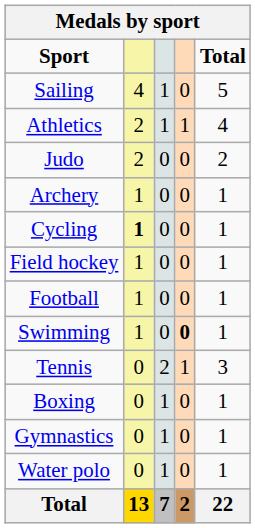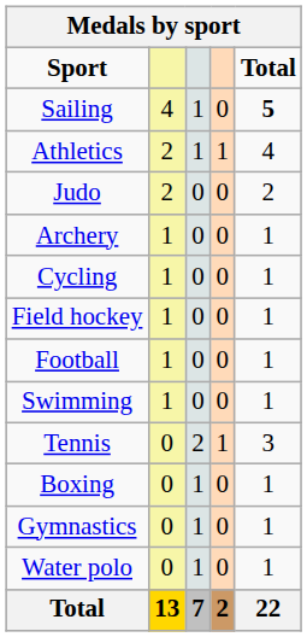 <table class="wikitable" style="font-size:85%; float:right;">
 <tr style="background:#efefef;">
 <th colspan=7>Medals by sport</th>
 </tr>
 <tr align=center>
 <td><strong>Sport</strong></td>
 <td style="background:#f7f6a8;"></td>
 <td style="background:#dce5e5;"></td>
 <td style="background:#ffdab9;"></td>
 <td><strong>Total</strong></td>
 </tr>
 <tr align=center>
 <td><a href='#'>Sailing</a></td>
 <td style="background:#f7f6a8;">4</td>
 <td style="background:#dce5e5;">1</td>
 <td style="background:#ffdab9;">0</td>
-<td>5</td>
+<td><strong>5</strong></td>
 </tr>
 <tr align=center>
 <td><a href='#'>Athletics</a></td>
 <td style="background:#f7f6a8;">2</td>
 <td style="background:#dce5e5;">1</td>
 <td style="background:#ffdab9;">1</td>
 <td>4</td>
 </tr>
 <tr align=center>
 <td><a href='#'>Judo</a></td>
 <td style="background:#f7f6a8;">2</td>
 <td style="background:#dce5e5;">0</td>
 <td style="background:#ffdab9;">0</td>
 <td>2</td>
 </tr>
 <tr align=center>
 <td><a href='#'>Archery</a></td>
 <td style="background:#f7f6a8;">1</td>
 <td style="background:#dce5e5;">0</td>
 <td style="background:#ffdab9;">0</td>
 <td>1</td>
 </tr>
 <tr align=center>
 <td><a href='#'>Cycling</a></td>
-<td style="background:#f7f6a8;"><strong>1</strong></td>
+<td style="background:#f7f6a8;">1</td>
 <td style="background:#dce5e5;">0</td>
 <td style="background:#ffdab9;">0</td>
 <td>1</td>
 </tr>
 <tr align=center>
 <td><a href='#'>Field hockey</a></td>
 <td style="background:#f7f6a8;">1</td>
 <td style="background:#dce5e5;">0</td>
 <td style="background:#ffdab9;">0</td>
 <td>1</td>
 </tr>
 <tr align=center>
 <td><a href='#'>Football</a></td>
 <td style="background:#f7f6a8;">1</td>
 <td style="background:#dce5e5;">0</td>
 <td style="background:#ffdab9;">0</td>
 <td>1</td>
 </tr>
 <tr align=center>
 <td><a href='#'>Swimming</a></td>
 <td style="background:#f7f6a8;">1</td>
 <td style="background:#dce5e5;">0</td>
-<td style="background:#ffdab9;"><strong>0</strong></td>
+<td style="background:#ffdab9;">0</td>
 <td>1</td>
 </tr>
 <tr align=center>
 <td><a href='#'>Tennis</a></td>
 <td style="background:#f7f6a8;">0</td>
 <td style="background:#dce5e5;">2</td>
 <td style="background:#ffdab9;">1</td>
 <td>3</td>
 </tr>
 <tr align=center>
 <td><a href='#'>Boxing</a></td>
 <td style="background:#f7f6a8;">0</td>
 <td style="background:#dce5e5;">1</td>
 <td style="background:#ffdab9;">0</td>
 <td>1</td>
 </tr>
 <tr align=center>
 <td><a href='#'>Gymnastics</a></td>
 <td style="background:#f7f6a8;">0</td>
 <td style="background:#dce5e5;">1</td>
 <td style="background:#ffdab9;">0</td>
 <td>1</td>
 </tr>
 <tr align=center>
 <td><a href='#'>Water polo</a></td>
 <td style="background:#f7f6a8;">0</td>
 <td style="background:#dce5e5;">1</td>
 <td style="background:#ffdab9;">0</td>
 <td>1</td>
 </tr>
 <tr align=center>
 <th>Total</th>
 <th style="background:gold;">13</th>
 <th style="background:silver;">7</th>
 <th style="background:#c96;">2</th>
 <th>22</th>
 </tr>
 </table>
